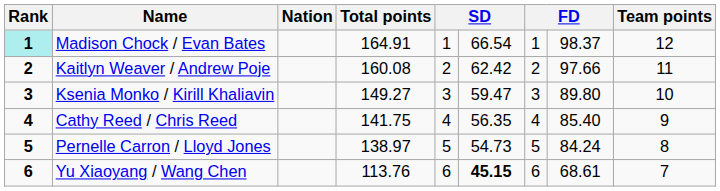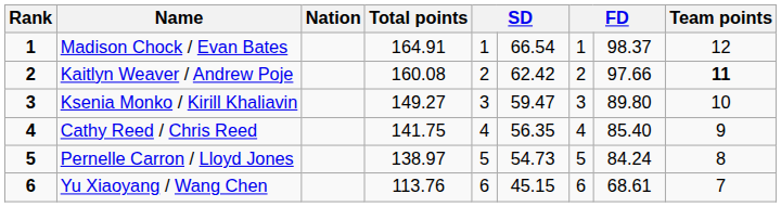 <table class="wikitable sortable">
 <tr>
 <th>Rank</th>
 <th>Name</th>
 <th>Nation</th>
 <th>Total points</th>
 <th colspan="2" width="80px"><a href='#'>SD</a></th>
 <th colspan="2" width="80px"><a href='#'>FD</a></th>
 <th>Team points</th>
 </tr>
 <tr>
-<td style="background: paleturquoise; text-align: center;"><strong>1</strong></td>
+<td style="text-align: center;"><strong>1</strong></td>
 <td><a href='#'>Madison Chock</a> / <a href='#'>Evan Bates</a></td>
 <td></td>
 <td style="text-align: center;">164.91</td>
 <td style="text-align: center;">1</td>
 <td style="text-align: center;">66.54</td>
 <td style="text-align: center;">1</td>
 <td style="text-align: center;">98.37</td>
 <td style="text-align: center;">12</td>
 </tr>
 <tr>
 <td style="text-align: center;"><strong>2</strong></td>
 <td><a href='#'>Kaitlyn Weaver</a> / <a href='#'>Andrew Poje</a></td>
 <td></td>
 <td style="text-align: center;">160.08</td>
 <td style="text-align: center;">2</td>
 <td style="text-align: center;">62.42</td>
 <td style="text-align: center;">2</td>
 <td style="text-align: center;">97.66</td>
-<td style="text-align: center;">11</td>
+<td style="text-align: center;"><strong>11</strong></td>
 </tr>
 <tr>
 <td style="text-align: center;"><strong>3</strong></td>
 <td><a href='#'>Ksenia Monko</a> / <a href='#'>Kirill Khaliavin</a></td>
 <td></td>
 <td style="text-align: center;">149.27</td>
 <td style="text-align: center;">3</td>
 <td style="text-align: center;">59.47</td>
 <td style="text-align: center;">3</td>
 <td style="text-align: center;">89.80</td>
 <td style="text-align: center;">10</td>
 </tr>
 <tr>
 <td style="text-align: center;"><strong>4</strong></td>
 <td><a href='#'>Cathy Reed</a> / <a href='#'>Chris Reed</a></td>
 <td></td>
 <td style="text-align: center;">141.75</td>
 <td style="text-align: center;">4</td>
 <td style="text-align: center;">56.35</td>
 <td style="text-align: center;">4</td>
 <td style="text-align: center;">85.40</td>
 <td style="text-align: center;">9</td>
 </tr>
 <tr>
 <td style="text-align: center;"><strong>5</strong></td>
 <td><a href='#'>Pernelle Carron</a> / <a href='#'>Lloyd Jones</a></td>
 <td></td>
 <td style="text-align: center;">138.97</td>
 <td style="text-align: center;">5</td>
 <td style="text-align: center;">54.73</td>
 <td style="text-align: center;">5</td>
 <td style="text-align: center;">84.24</td>
 <td style="text-align: center;">8</td>
 </tr>
 <tr>
 <td style="text-align: center;"><strong>6</strong></td>
 <td><a href='#'>Yu Xiaoyang</a> / <a href='#'>Wang Chen</a></td>
 <td></td>
 <td style="text-align: center;">113.76</td>
 <td style="text-align: center;">6</td>
-<td style="text-align: center;"><strong>45.15</strong></td>
+<td style="text-align: center;">45.15</td>
 <td style="text-align: center;">6</td>
 <td style="text-align: center;">68.61</td>
 <td style="text-align: center;">7</td>
 </tr>
 </table>
